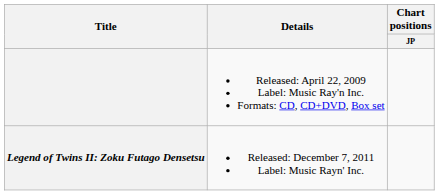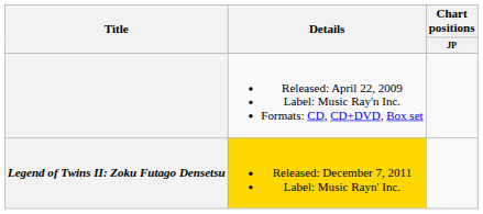 <table class="wikitable plainrowheaders" style="text-align:center">
 <tr>
 <th scope="col" rowspan="2">Title</th>
 <th scope="col" rowspan="2">Details</th>
 <th>Chart positions</th>
 </tr>
 <tr>
 <th style="width:3em;font-size:75%;">JP<br></th>
 </tr>
 <tr>
 <th scope="row"></th>
 <td><br><ul><li>Released: April 22, 2009</li><li>Label: Music Ray'n Inc.</li><li>Formats: <a href='#'>CD</a>, <a href='#'>CD+DVD</a>, <a href='#'>Box set</a></li></ul></td>
 <td></td>
 </tr>
 <tr>
 <th scope="row"><em>Legend of Twins II: Zoku Futago Densetsu</em></th>
-<td><br><ul><li>Released: December 7, 2011</li><li>Label: Music Rayn' Inc.</li></ul></td>
+<td style="background: gold;"><br><ul><li>Released: December 7, 2011</li><li>Label: Music Rayn' Inc.</li></ul></td>
 </tr>
 </table>
